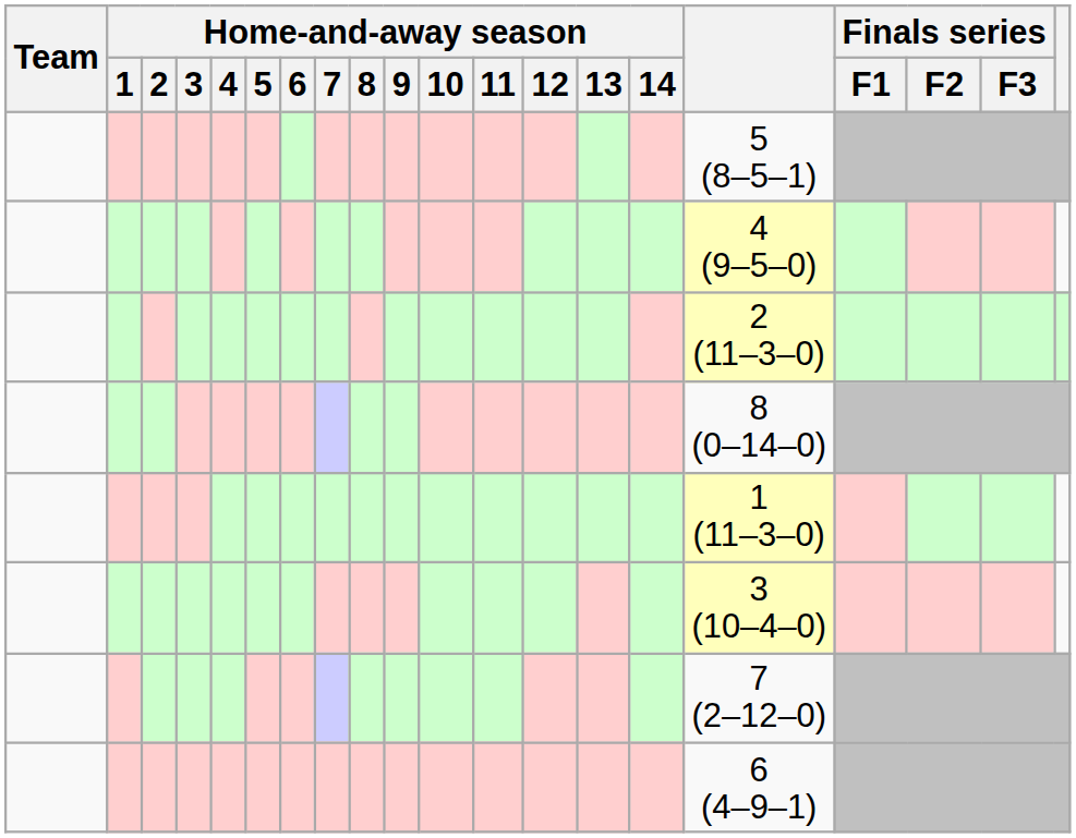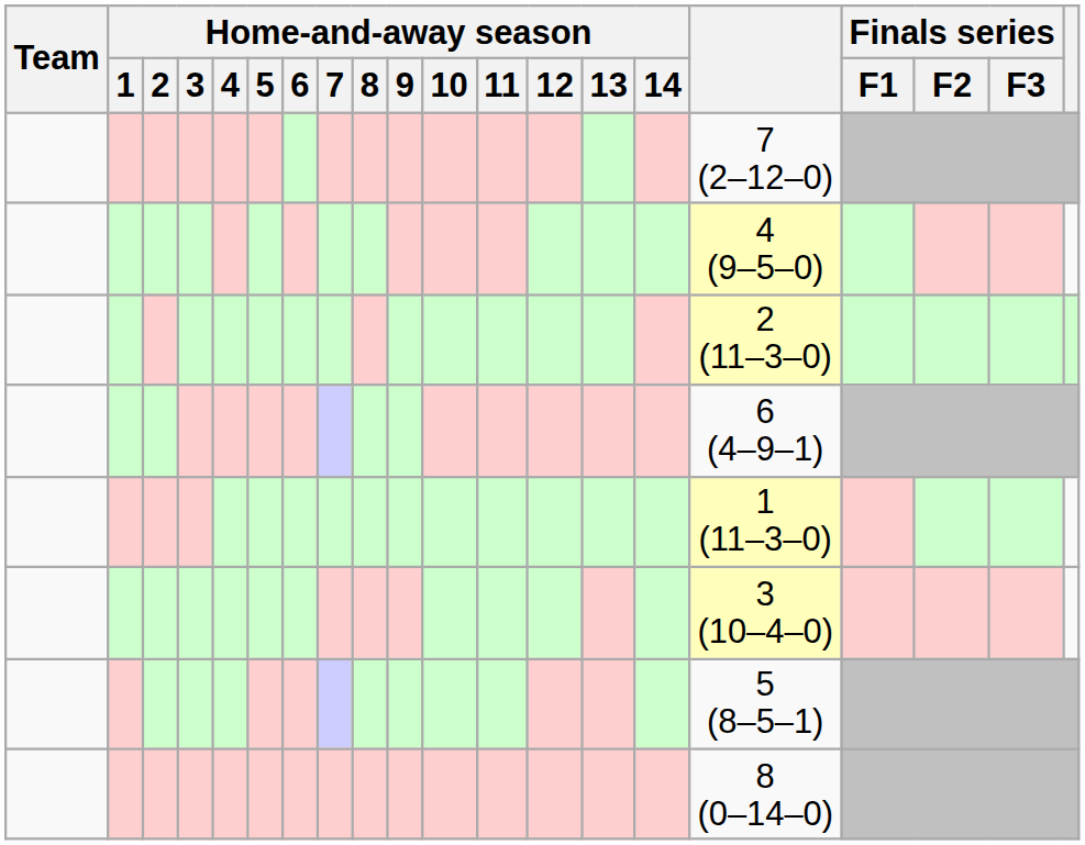 <table class="wikitable sortable" style="font-size:85%; text-align:center">
 <tr>
 <th rowspan=2>Team</th>
 <th colspan=14>Home-and-away season</th>
 <th rowspan=2></th>
 <th colspan=3>Finals series</th>
 <th rowspan=2></th>
 </tr>
 <tr>
 <th>1</th>
 <th>2</th>
 <th>3</th>
 <th>4</th>
 <th>5</th>
 <th>6</th>
 <th>7</th>
 <th>8</th>
 <th>9</th>
 <th>10</th>
 <th>11</th>
 <th>12</th>
 <th>13</th>
 <th>14</th>
 <th>F1</th>
 <th>F2</th>
 <th>F3</th>
 </tr>
 <tr>
 <td align=left></td>
 <td bgcolor=FFCFCF></td>
 <td bgcolor=FFCFCF></td>
 <td bgcolor=FFCFCF></td>
 <td bgcolor=FFCFCF></td>
 <td bgcolor=FFCFCF></td>
 <td bgcolor=CCFFCC></td>
 <td bgcolor=FFCFCF><strong></strong></td>
 <td bgcolor=FFCFCF><strong></strong></td>
 <td bgcolor=FFCFCF><strong></strong></td>
 <td bgcolor=FFCFCF><strong></strong></td>
 <td bgcolor=FFCFCF><strong></strong></td>
 <td bgcolor=FFCFCF><strong></strong></td>
 <td bgcolor=CCFFCC><strong></strong></td>
 <td bgcolor=FFCFCF></td>
-<td>5<br>(8–5–1)</td>
+<td>7<br>(2–12–0)</td>
 <td colspan=4 bgcolor=C0C0C0></td>
 </tr>
 <tr>
 <td align=left></td>
 <td bgcolor=CCFFCC><strong></strong></td>
 <td bgcolor=CCFFCC></td>
 <td bgcolor=CCFFCC><strong></strong></td>
 <td bgcolor=FFCFCF></td>
 <td bgcolor=CCFFCC><strong></strong></td>
 <td bgcolor=FFCFCF></td>
 <td bgcolor=CCFFCC></td>
 <td bgcolor=CCFFCC></td>
 <td bgcolor=FFCFCF><strong></strong></td>
 <td bgcolor=FFCFCF></td>
 <td bgcolor=FFCFCF><strong></strong></td>
 <td bgcolor=CCFFCC></td>
 <td bgcolor=CCFFCC><strong></strong></td>
 <td bgcolor=CCFFCC><strong></strong></td>
 <td bgcolor=FFFFBB>4<br>(9–5–0)</td>
 <td bgcolor=CCFFCC></td>
 <td bgcolor=FFCFCF></td>
 <td bgcolor=FFCFCF></td>
 <td></td>
 </tr>
 <tr>
 <td align=left></td>
 <td bgcolor=CCFFCC></td>
 <td bgcolor=FFCFCF><strong></strong></td>
 <td bgcolor=CCFFCC><strong></strong></td>
 <td bgcolor=CCFFCC></td>
 <td bgcolor=CCFFCC></td>
 <td bgcolor=CCFFCC></td>
 <td bgcolor=CCFFCC><strong></strong></td>
 <td bgcolor=FFCFCF><strong></strong></td>
 <td bgcolor=CCFFCC></td>
 <td bgcolor=CCFFCC></td>
 <td bgcolor=CCFFCC><strong></strong></td>
 <td bgcolor=CCFFCC><strong></strong></td>
 <td bgcolor=CCFFCC><strong></strong></td>
 <td bgcolor=FFCFCF></td>
 <td bgcolor=FFFFBB>2<br>(11–3–0)</td>
 <td bgcolor=CCFFCC></td>
 <td bgcolor=CCFFCC><strong></strong></td>
 <td bgcolor=CCFFCC><strong></strong></td>
 <td bgcolor=CCFFCC><strong></strong></td>
 </tr>
 <tr>
 <td align=left></td>
 <td bgcolor=CCFFCC><strong></strong></td>
 <td bgcolor=CCFFCC></td>
 <td bgcolor=FFCFCF><strong></strong></td>
 <td bgcolor=FFCFCF><strong></strong></td>
 <td bgcolor=FFCFCF></td>
 <td bgcolor=FFCFCF></td>
 <td bgcolor=CCCCFF><strong></strong></td>
 <td bgcolor=CCFFCC></td>
 <td bgcolor=CCFFCC><strong></strong></td>
 <td bgcolor=FFCFCF></td>
 <td bgcolor=FFCFCF></td>
 <td bgcolor=FFCFCF><strong></strong></td>
 <td bgcolor=FFCFCF><strong></strong></td>
 <td bgcolor=FFCFCF></td>
-<td>8<br>(0–14–0)</td>
+<td>6<br>(4–9–1)</td>
 <td colspan=4 bgcolor=C0C0C0></td>
 </tr>
 <tr>
 <td align=left></td>
 <td bgcolor=FFCFCF><strong></strong></td>
 <td bgcolor=FFCFCF></td>
 <td bgcolor=FFCFCF></td>
 <td bgcolor=CCFFCC><strong></strong></td>
 <td bgcolor=CCFFCC><strong></strong></td>
 <td bgcolor=CCFFCC><strong></strong></td>
 <td bgcolor=CCFFCC></td>
 <td bgcolor=CCFFCC></td>
 <td bgcolor=CCFFCC><strong></strong></td>
 <td bgcolor=CCFFCC><strong></strong></td>
 <td bgcolor=CCFFCC></td>
 <td bgcolor=CCFFCC></td>
 <td bgcolor=CCFFCC></td>
 <td bgcolor=CCFFCC><strong></strong></td>
 <td bgcolor=FFFFBB>1<br>(11–3–0)</td>
 <td bgcolor=FFCFCF><strong></strong></td>
 <td bgcolor=CCFFCC><strong></strong></td>
 <td bgcolor=CCFFCC><strong></strong></td>
 <td></td>
 </tr>
 <tr>
 <td align=left></td>
 <td bgcolor=CCFFCC></td>
 <td bgcolor=CCFFCC><strong></strong></td>
 <td bgcolor=CCFFCC></td>
 <td bgcolor=CCFFCC><strong></strong></td>
 <td bgcolor=CCFFCC><strong></strong></td>
 <td bgcolor=CCFFCC><strong></strong></td>
 <td bgcolor=FFCFCF></td>
 <td bgcolor=FFCFCF><strong></strong></td>
 <td bgcolor=FFCFCF></td>
 <td bgcolor=CCFFCC><strong></strong></td>
 <td bgcolor=CCFFCC></td>
 <td bgcolor=CCFFCC></td>
 <td bgcolor=FFCFCF></td>
 <td bgcolor=CCFFCC><strong></strong></td>
 <td bgcolor=FFFFBB>3<br>(10–4–0)</td>
 <td bgcolor=FFCFCF><strong></strong></td>
 <td bgcolor=FFCFCF></td>
 <td bgcolor=FFCFCF></td>
 <td></td>
 </tr>
 <tr>
 <td align=left></td>
 <td bgcolor=FFCFCF><strong></strong></td>
 <td bgcolor=CCFFCC><strong></strong></td>
 <td bgcolor=CCFFCC><strong></strong></td>
 <td bgcolor=CCFFCC><strong></strong></td>
 <td bgcolor=FFCFCF></td>
 <td bgcolor=FFCFCF><strong></strong></td>
 <td bgcolor=CCCCFF></td>
 <td bgcolor=CCFFCC></td>
 <td bgcolor=CCFFCC></td>
 <td bgcolor=CCFFCC></td>
 <td bgcolor=CCFFCC></td>
 <td bgcolor=FFCFCF><strong></strong></td>
 <td bgcolor=FFCFCF></td>
 <td bgcolor=CCFFCC><strong></strong></td>
-<td>7<br>(2–12–0)</td>
+<td>5<br>(8–5–1)</td>
 <td colspan=4 bgcolor=C0C0C0></td>
 </tr>
 <tr>
 <td align=left></td>
 <td bgcolor=FFCFCF></td>
 <td bgcolor=FFCFCF><strong></strong></td>
 <td bgcolor=FFCFCF></td>
 <td bgcolor=FFCFCF></td>
 <td bgcolor=FFCFCF><strong></strong></td>
 <td bgcolor=FFCFCF><strong></strong></td>
 <td bgcolor=FFCFCF><strong></strong></td>
 <td bgcolor=FFCFCF><strong></strong></td>
 <td bgcolor=FFCFCF></td>
 <td bgcolor=FFCFCF><strong></strong></td>
 <td bgcolor=FFCFCF><strong></strong></td>
 <td bgcolor=FFCFCF></td>
 <td bgcolor=FFCFCF></td>
 <td bgcolor=FFCFCF></td>
-<td>6<br>(4–9–1)</td>
+<td>8<br>(0–14–0)</td>
 <td colspan=4 bgcolor=C0C0C0></td>
 </tr>
 </table>
